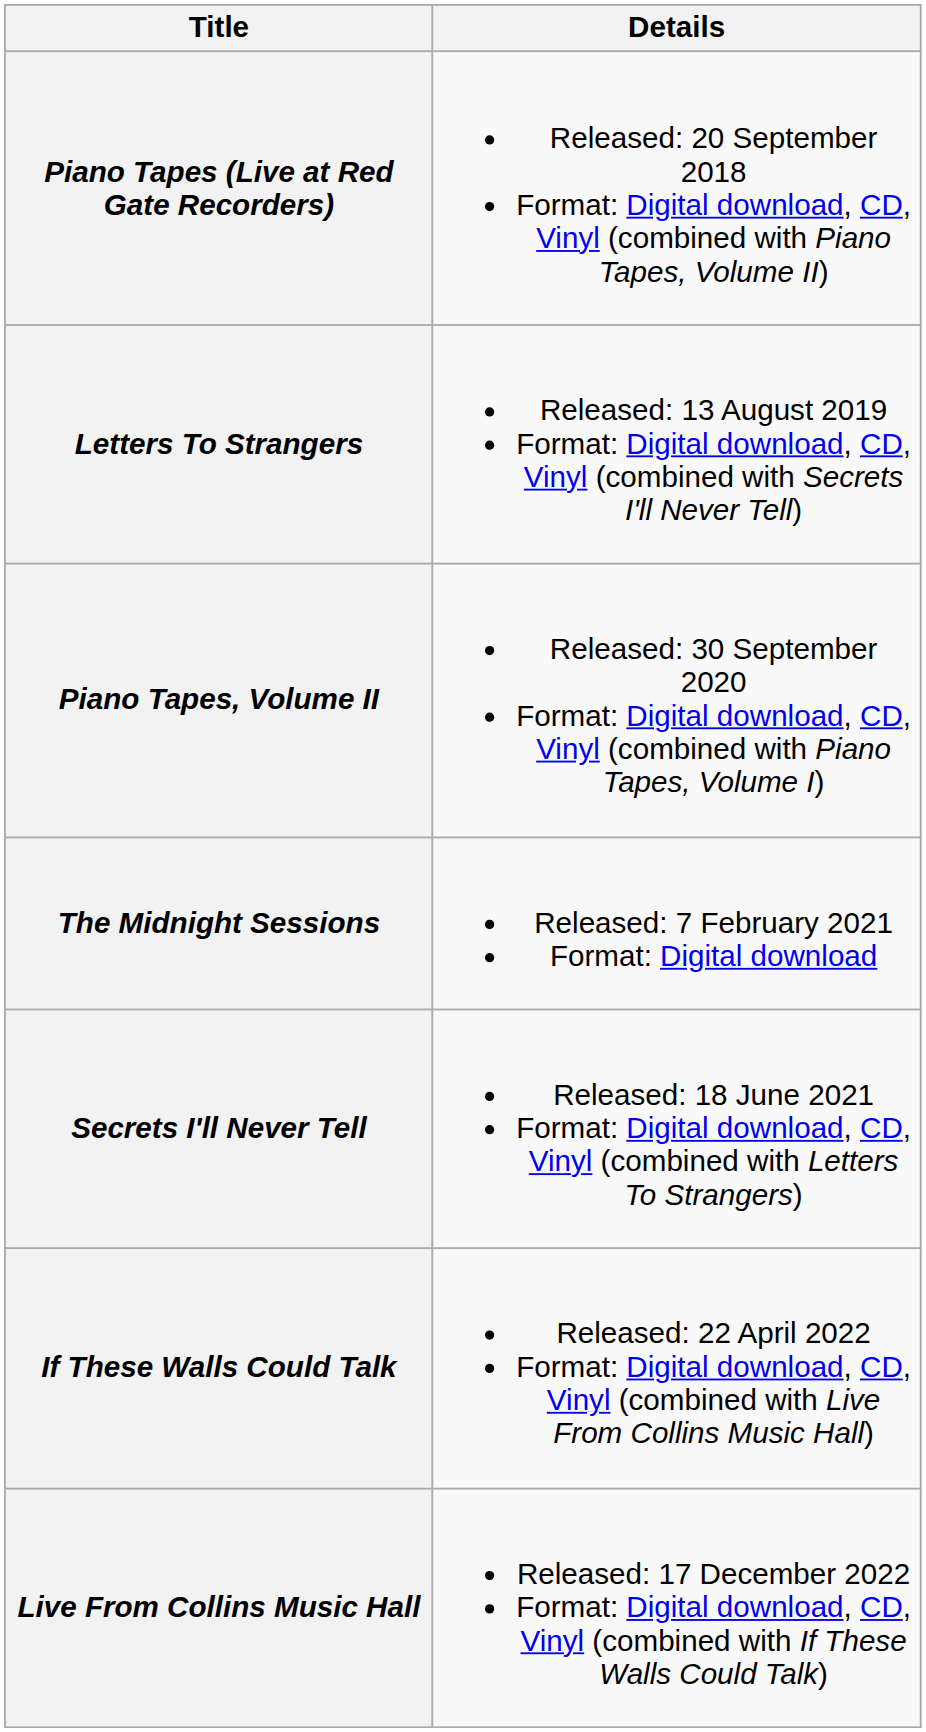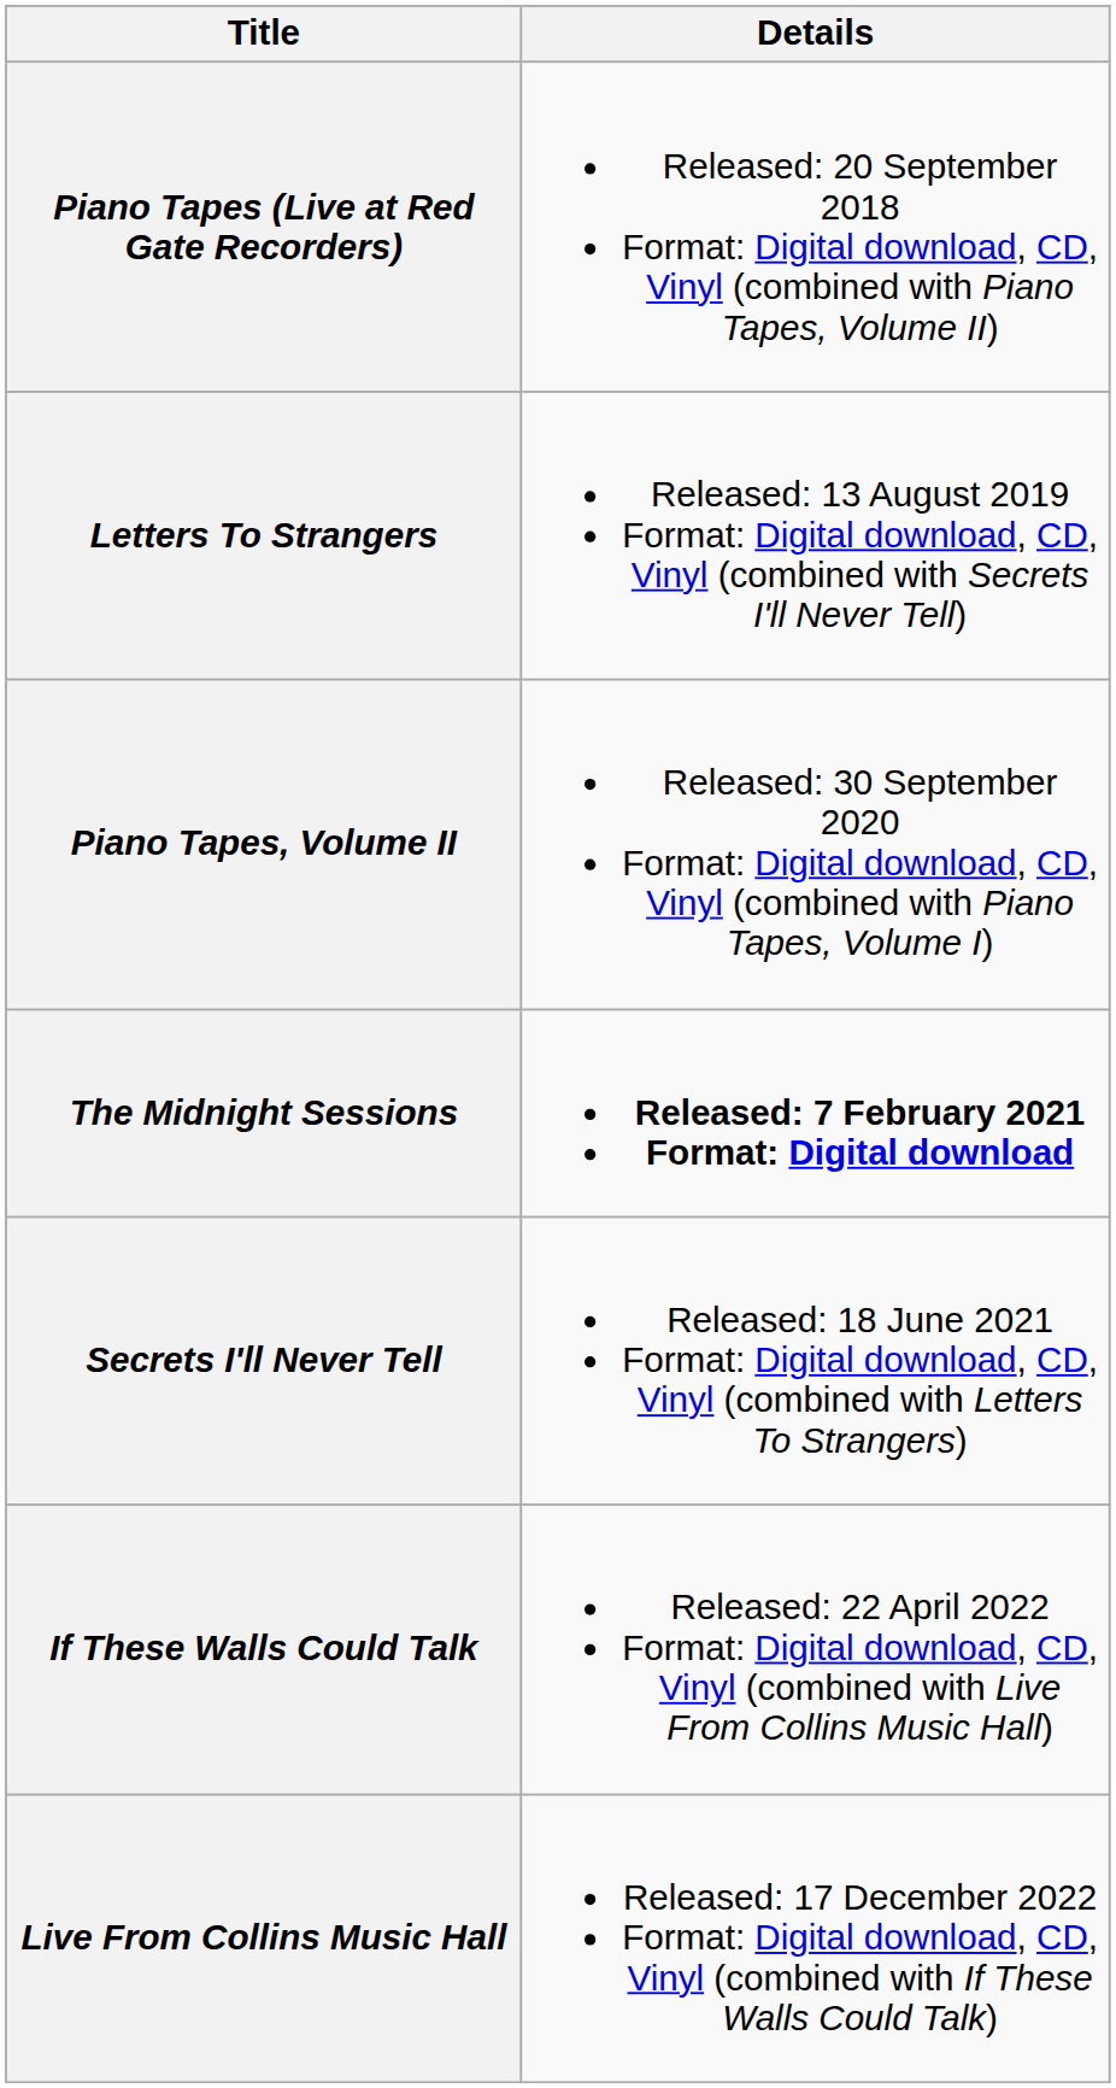 <table class="wikitable plainrowheaders" style="text-align:center;">
 <tr>
 <th scope="col" style="width:14em;">Title</th>
 <th scope="col" style="width:16em;">Details</th>
 </tr>
 <tr>
 <th scope="row"><em>Piano Tapes (Live at Red Gate Recorders)</em></th>
 <td><br><ul><li>Released: 20 September 2018</li><li>Format: <a href='#'>Digital download</a>, <a href='#'>CD</a>, <a href='#'>Vinyl</a> (combined with <em>Piano Tapes, Volume II</em>)</li></ul></td>
 </tr>
 <tr>
 <th scope="row"><em>Letters To Strangers</em></th>
 <td><br><ul><li>Released: 13 August 2019</li><li>Format: <a href='#'>Digital download</a>, <a href='#'>CD</a>, <a href='#'>Vinyl</a> (combined with <em>Secrets I'll Never Tell</em>)</li></ul></td>
 </tr>
 <tr>
 <th scope="row"><em>Piano Tapes, Volume II</em></th>
 <td><br><ul><li>Released: 30 September 2020</li><li>Format: <a href='#'>Digital download</a>, <a href='#'>CD</a>, <a href='#'>Vinyl</a> (combined with <em>Piano Tapes, Volume I</em>)</li></ul></td>
 </tr>
 <tr>
 <th scope="row"><em>The Midnight Sessions</em></th>
-<td><br><ul><li>Released: 7 February 2021</li><li>Format: <a href='#'>Digital download</a></li></ul></td>
+<td><strong><br><ul><li>Released: 7 February 2021</li><li>Format: <a href='#'>Digital download</a></li></ul></strong></td>
 </tr>
 <tr>
 <th scope="row"><em>Secrets I'll Never Tell</em></th>
 <td><br><ul><li>Released: 18 June 2021</li><li>Format: <a href='#'>Digital download</a>, <a href='#'>CD</a>, <a href='#'>Vinyl</a> (combined with <em>Letters To Strangers</em>)</li></ul></td>
 </tr>
 <tr>
 <th scope="row"><em>If These Walls Could Talk</em></th>
 <td><br><ul><li>Released: 22 April 2022</li><li>Format: <a href='#'>Digital download</a>, <a href='#'>CD</a>, <a href='#'>Vinyl</a> (combined with <em>Live From Collins Music Hall</em>)</li></ul></td>
 </tr>
 <tr>
 <th scope="row"><em>Live From Collins Music Hall</em></th>
 <td><br><ul><li>Released: 17 December 2022</li><li>Format: <a href='#'>Digital download</a>, <a href='#'>CD</a>, <a href='#'>Vinyl</a> (combined with <em>If These Walls Could Talk</em>)</li></ul></td>
 </tr>
 </table>
